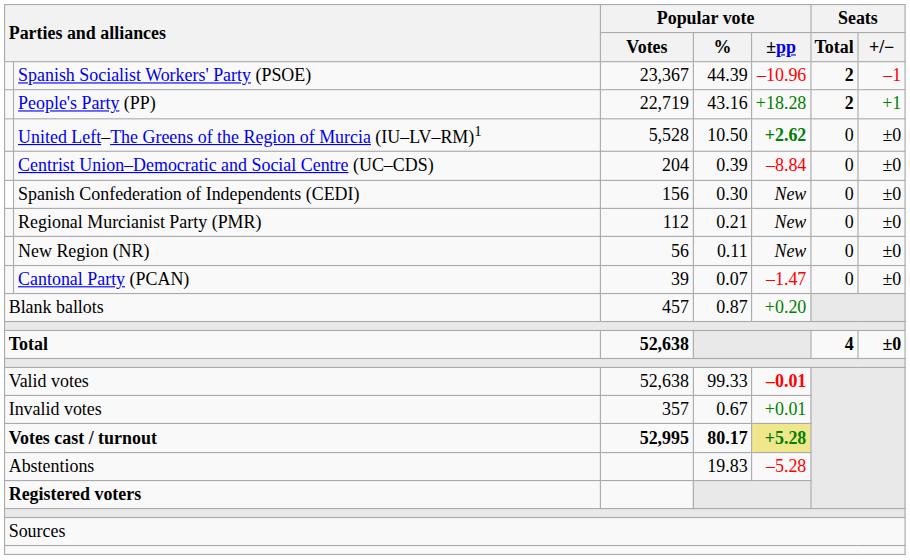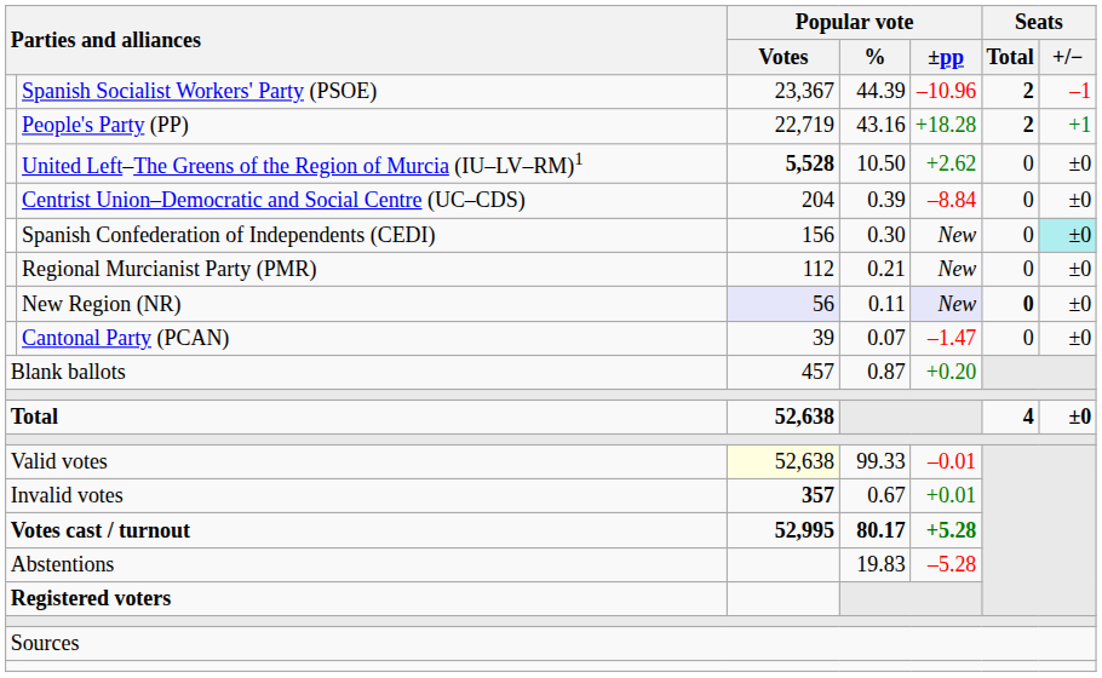 <table class="wikitable" style="text-align:right;">
 <tr>
 <th style="text-align:left;" rowspan="2" colspan="2" width="525">Parties and alliances</th>
 <th colspan="3">Popular vote</th>
 <th colspan="2">Seats</th>
 </tr>
 <tr>
 <th width="75">Votes</th>
 <th width="45">%</th>
 <th width="45">±<a href='#'>pp</a></th>
 <th width="35">Total</th>
 <th width="35">+/−</th>
 </tr>
 <tr>
 <td width="1" style="color:inherit;background:"></td>
 <td align="left"><a href='#'>Spanish Socialist Workers' Party</a> (PSOE)</td>
 <td>23,367</td>
 <td>44.39</td>
 <td style="color:red;">–10.96</td>
 <td><strong>2</strong></td>
 <td style="color:red;">–1</td>
 </tr>
 <tr>
 <td style="color:inherit;background:"></td>
 <td align="left"><a href='#'>People's Party</a> (PP)</td>
 <td>22,719</td>
 <td>43.16</td>
 <td style="color:green;">+18.28</td>
 <td><strong>2</strong></td>
 <td style="color:green;">+1</td>
 </tr>
 <tr>
 <td style="color:inherit;background:"></td>
 <td align="left"><a href='#'>United Left</a>–<a href='#'>The Greens of the Region of Murcia</a> (IU–LV–RM)<sup>1</sup></td>
-<td>5,528</td>
+<td><strong>5,528</strong></td>
 <td>10.50</td>
-<td style="color:green;"><strong>+2.62</strong></td>
+<td style="color:green;">+2.62</td>
 <td>0</td>
 <td>±0</td>
 </tr>
 <tr>
 <td style="color:inherit;background:"></td>
 <td align="left"><a href='#'>Centrist Union–Democratic and Social Centre</a> (UC–CDS)</td>
 <td>204</td>
 <td>0.39</td>
 <td style="color:red;">–8.84</td>
 <td>0</td>
 <td>±0</td>
 </tr>
 <tr>
 <td bgcolor="white"></td>
 <td align="left">Spanish Confederation of Independents (CEDI)</td>
 <td>156</td>
 <td>0.30</td>
 <td><em>New</em></td>
 <td>0</td>
-<td>±0</td>
+<td style="background: paleturquoise;">±0</td>
 </tr>
 <tr>
 <td style="color:inherit;background:"></td>
 <td align="left">Regional Murcianist Party (PMR)</td>
 <td>112</td>
 <td>0.21</td>
 <td><em>New</em></td>
 <td>0</td>
 <td>±0</td>
 </tr>
 <tr>
 <td style="color:inherit;background:"></td>
 <td align="left">New Region (NR)</td>
-<td>56</td>
+<td style="background: lavender;">56</td>
 <td>0.11</td>
-<td><em>New</em></td>
-<td>0</td>
+<td style="background: lavender;"><em>New</em></td>
+<td><strong>0</strong></td>
 <td>±0</td>
 </tr>
 <tr>
 <td style="color:inherit;background:"></td>
 <td align="left"><a href='#'>Cantonal Party</a> (PCAN)</td>
 <td>39</td>
 <td>0.07</td>
 <td style="color:red;">–1.47</td>
 <td>0</td>
 <td>±0</td>
 </tr>
 <tr>
 <td align="left" colspan="2">Blank ballots</td>
 <td>457</td>
 <td>0.87</td>
 <td style="color:green;">+0.20</td>
 <td bgcolor="#E9E9E9" colspan="2"></td>
 </tr>
 <tr>
 <td colspan="7" bgcolor="#E9E9E9"></td>
 </tr>
 <tr style="font-weight:bold;">
 <td align="left" colspan="2">Total</td>
 <td>52,638</td>
 <td bgcolor="#E9E9E9" colspan="2"></td>
 <td>4</td>
 <td>±0</td>
 </tr>
 <tr>
 <td colspan="7" bgcolor="#E9E9E9"></td>
 </tr>
 <tr>
 <td align="left" colspan="2">Valid votes</td>
-<td>52,638</td>
+<td style="background: lightyellow;">52,638</td>
 <td>99.33</td>
-<td style="color:red;"><strong>–0.01</strong></td>
+<td style="color:red;">–0.01</td>
 <td bgcolor="#E9E9E9" colspan="2" rowspan="5"></td>
 </tr>
 <tr>
 <td align="left" colspan="2">Invalid votes</td>
-<td>357</td>
+<td><strong>357</strong></td>
 <td>0.67</td>
 <td style="color:green;">+0.01</td>
 </tr>
 <tr style="font-weight:bold;">
 <td align="left" colspan="2">Votes cast / turnout</td>
 <td>52,995</td>
 <td>80.17</td>
-<td style="background: khaki; color:green;">+5.28</td>
+<td style="color:green;">+5.28</td>
 </tr>
 <tr>
 <td align="left" colspan="2">Abstentions</td>
 <td></td>
 <td>19.83</td>
 <td style="color:red;">–5.28</td>
 </tr>
 <tr style="font-weight:bold;">
 <td align="left" colspan="2">Registered voters</td>
 <td></td>
 <td bgcolor="#E9E9E9" colspan="2"></td>
 </tr>
 <tr>
 <td colspan="7" bgcolor="#E9E9E9"></td>
 </tr>
 <tr>
 <td align="left" colspan="7">Sources</td>
 </tr>
 <tr>
 <td colspan="7" style="text-align:left; max-width:790px;"></td>
 </tr>
 </table>
